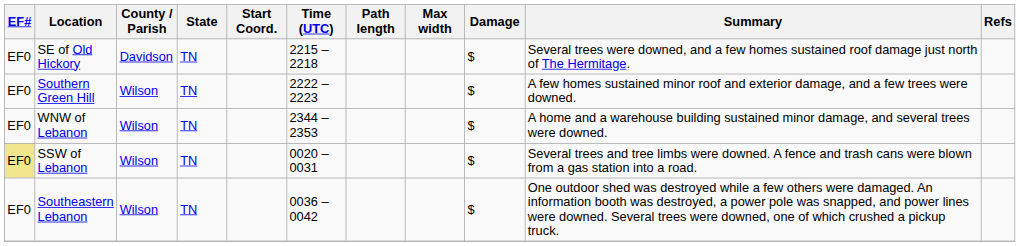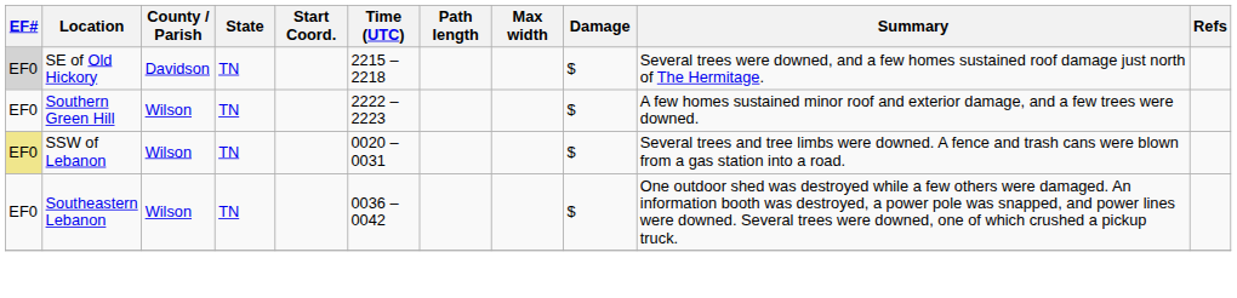 <table class="wikitable sortable" style="width:100%;">
 <tr>
 <th scope="col" width="3%" align="center"><a href='#'>EF#</a></th>
 <th scope="col" width="7%" align="center" class="unsortable">Location</th>
 <th scope="col" width="6%" align="center" class="unsortable">County / Parish</th>
 <th scope="col" width="5%" align="center">State</th>
 <th scope="col" width="6%" align="center">Start Coord.</th>
 <th scope="col" width="6%" align="center">Time (<a href='#'>UTC</a>)</th>
 <th scope="col" width="6%" align="center">Path length</th>
 <th scope="col" width="6%" align="center">Max width</th>
 <th scope="col" width="6%" align="center">Damage</th>
 <th scope="col" width="48%" class="unsortable" align="center">Summary</th>
 <th scope="col" width="48%" class="unsortable" align="center">Refs</th>
 </tr>
 <tr>
-<td>EF0</td>
+<td style="background: lightgrey;">EF0</td>
 <td>SE of <a href='#'>Old Hickory</a></td>
 <td><a href='#'>Davidson</a></td>
 <td><a href='#'>TN</a></td>
 <td></td>
 <td>2215 – 2218</td>
 <td></td>
 <td></td>
 <td>$</td>
 <td>Several trees were downed, and a few homes sustained roof damage just north of <a href='#'>The Hermitage</a>.</td>
 <td></td>
 </tr>
 <tr>
 <td>EF0</td>
 <td><a href='#'>Southern Green Hill</a></td>
 <td><a href='#'>Wilson</a></td>
 <td><a href='#'>TN</a></td>
 <td></td>
 <td>2222 – 2223</td>
 <td></td>
 <td></td>
 <td>$</td>
 <td>A few homes sustained minor roof and exterior damage, and a few trees were downed.</td>
-<td></td>
-</tr>
-<tr>
-<td>EF0</td>
-<td>WNW of <a href='#'>Lebanon</a></td>
-<td><a href='#'>Wilson</a></td>
-<td><a href='#'>TN</a></td>
-<td></td>
-<td>2344 – 2353</td>
-<td></td>
-<td></td>
-<td>$</td>
-<td>A home and a warehouse building sustained minor damage, and several trees were downed.</td>
 <td></td>
 </tr>
 <tr>
 <td style="background: khaki;">EF0</td>
 <td>SSW of <a href='#'>Lebanon</a></td>
 <td><a href='#'>Wilson</a></td>
 <td><a href='#'>TN</a></td>
 <td></td>
 <td>0020 – 0031</td>
 <td></td>
 <td></td>
 <td>$</td>
 <td>Several trees and tree limbs were downed. A fence and trash cans were blown from a gas station into a road.</td>
 <td></td>
 </tr>
 <tr>
 <td>EF0</td>
 <td><a href='#'>Southeastern Lebanon</a></td>
 <td><a href='#'>Wilson</a></td>
 <td><a href='#'>TN</a></td>
 <td></td>
 <td>0036 – 0042</td>
 <td></td>
 <td></td>
 <td>$</td>
 <td>One outdoor shed was destroyed while a few others were damaged. An information booth was destroyed, a power pole was snapped, and power lines were downed. Several trees were downed, one of which crushed a pickup truck.</td>
 <td></td>
 </tr>
 <tr>
 </tr>
 </table>
